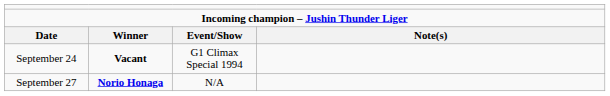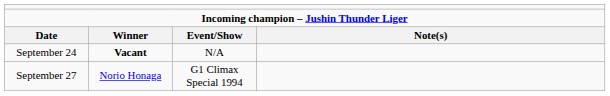 <table class="wikitable" style="text-align:center; width:100%;">
 <tr>
 <td colspan="5"></td>
 </tr>
 <tr>
 <td colspan="5"><strong>Incoming champion – <a href='#'>Jushin Thunder Liger</a></strong></td>
 </tr>
 <tr>
 <th width=14%>Date</th>
 <th width=14%>Winner</th>
 <th width=14%>Event/Show</th>
 <th width=58%>Note(s)</th>
 </tr>
 <tr>
 <td>September 24</td>
 <td><strong>Vacant</strong></td>
-<td>G1 Climax Special 1994</td>
+<td>N/A</td>
 <td align="left"></td>
 </tr>
 <tr>
 <td>September 27</td>
-<td><strong><a href='#'>Norio Honaga</a></strong></td>
-<td>N/A</td>
+<td><a href='#'>Norio Honaga</a></td>
+<td>G1 Climax Special 1994</td>
 <td align="left"></td>
 </tr>
 </table>
